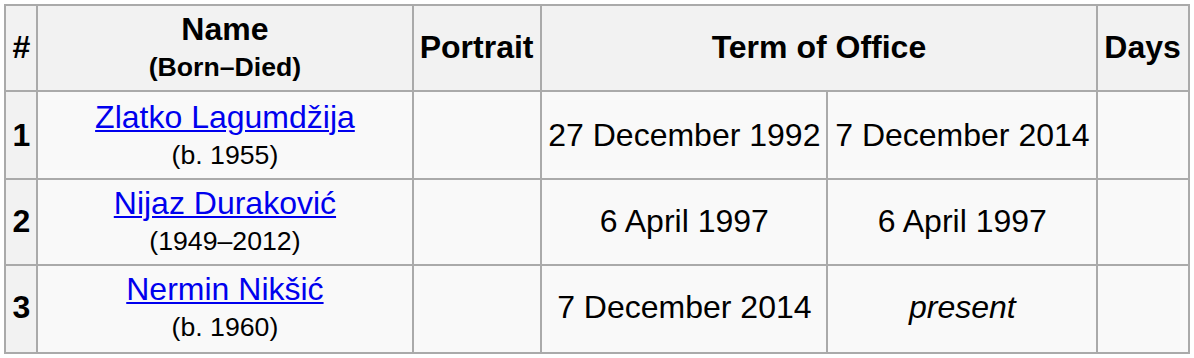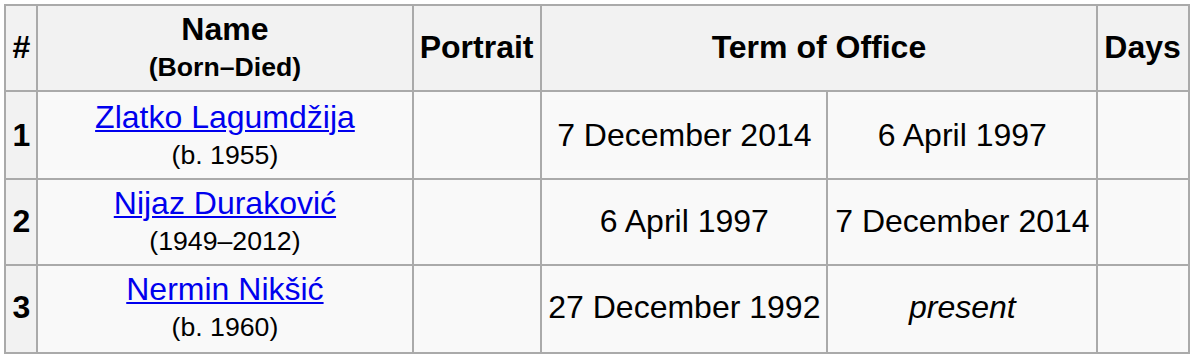 <table class="wikitable" style="text-align:center">
 <tr ->
 <th>#</th>
 <th width=180>Name<br><small>(Born–Died)</small></th>
 <th>Portrait</th>
 <th colspan=2>Term of Office</th>
 <th>Days</th>
 </tr>
 <tr ->
 <th align=center style="background: ">1</th>
 <td><a href='#'>Zlatko Lagumdžija</a><br><small>(b. 1955)</small></td>
 <td></td>
-<td>27 December 1992</td>
 <td>7 December 2014</td>
+<td>6 April 1997</td>
 <td></td>
 </tr>
 <tr ->
 <th align=center style="background: ">2</th>
 <td><a href='#'>Nijaz Duraković</a><br><small>(1949–2012)</small></td>
 <td></td>
 <td>6 April 1997</td>
-<td>6 April 1997</td>
+<td>7 December 2014</td>
 <td></td>
 </tr>
 <tr ->
 <th align=center style="background: ">3</th>
 <td><a href='#'>Nermin Nikšić</a><br><small>(b. 1960)</small></td>
 <td></td>
-<td>7 December 2014</td>
+<td>27 December 1992</td>
 <td><em>present</em></td>
 <td></td>
 </tr>
 </table>
